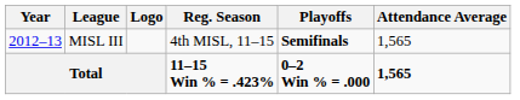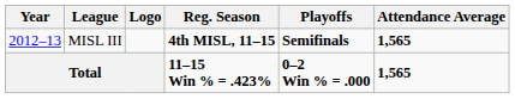 <table class="wikitable">
 <tr>
 <th>Year</th>
 <th>League</th>
 <th>Logo</th>
 <th>Reg. Season</th>
 <th>Playoffs</th>
 <th>Attendance Average</th>
 </tr>
 <tr>
 <td><a href='#'>2012–13</a></td>
 <td>MISL III</td>
 <td></td>
-<td>4th MISL, 11–15</td>
+<td><strong>4th MISL, 11–15</strong></td>
 <td><strong>Semifinals</strong></td>
-<td>1,565</td>
+<td><strong>1,565</strong></td>
 </tr>
 <tr>
 <th align="center" rowSpan="1" colSpan="3">Total</th>
 <td><strong>11–15</strong> <br> <strong>Win % = .423%</strong></td>
 <td><strong>0–2</strong> <br> <strong>Win % = .000</strong></td>
 <td><strong>1,565</strong></td>
 </tr>
 </table>
